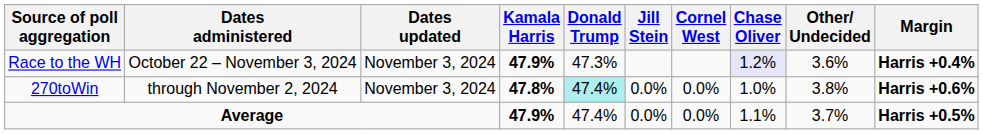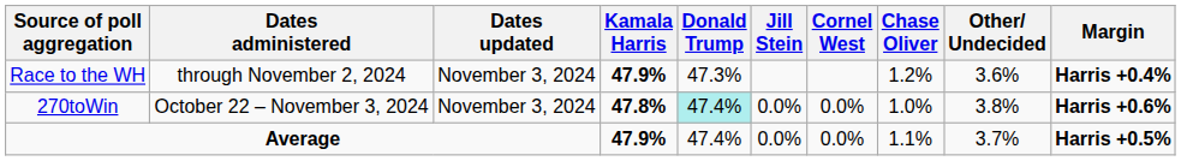 <table class="wikitable sortable mw-datatable" style="text-align:center;font-size:90%;line-height:17px">
 <tr>
 <th>Source of poll<br>aggregation</th>
 <th>Dates<br>administered</th>
 <th>Dates<br>updated</th>
 <th class="unsortable"><a href='#'>Kamala <br>Harris</a><br><small></small></th>
 <th class="unsortable"><a href='#'>Donald<br>Trump</a><br><small></small></th>
 <th class="unsortable"><a href='#'>Jill<br>Stein</a><br><small></small></th>
 <th class="unsortable"><a href='#'>Cornel<br>West</a><br><small></small></th>
 <th class="unsortable"><a href='#'>Chase<br>Oliver</a><br><small></small></th>
 <th class="unsortable">Other/<br>Undecided<br></th>
 <th>Margin</th>
 </tr>
 <tr>
 <td><a href='#'>Race to the WH</a></td>
-<td>October 22 – November 3, 2024</td>
+<td>through November 2, 2024</td>
 <td>November 3, 2024</td>
 <td style="background-color:"><strong>47.9%</strong></td>
 <td>47.3%</td>
 <td></td>
 <td></td>
-<td style="background: lavender;">1.2%</td>
+<td>1.2%</td>
 <td>3.6%</td>
 <td style="background-color:"><strong>Harris +0.4%</strong></td>
 </tr>
 <tr>
 <td><a href='#'>270toWin</a></td>
-<td>through November 2, 2024</td>
+<td>October 22 – November 3, 2024</td>
 <td>November 3, 2024</td>
 <td style="background-color:"><strong>47.8%</strong></td>
 <td style="background: paleturquoise;">47.4%</td>
 <td>0.0%</td>
 <td>0.0%</td>
 <td>1.0%</td>
 <td>3.8%</td>
 <td style="background-color:"><strong>Harris +0.6%</strong></td>
 </tr>
 <tr>
 <td colspan="3"><strong>Average</strong></td>
 <td style="background-color:"><strong>47.9%</strong></td>
 <td>47.4%</td>
 <td>0.0%</td>
 <td>0.0%</td>
 <td>1.1%</td>
 <td>3.7%</td>
 <td style="background-color:"><strong>Harris +0.5%</strong></td>
 </tr>
 </table>
